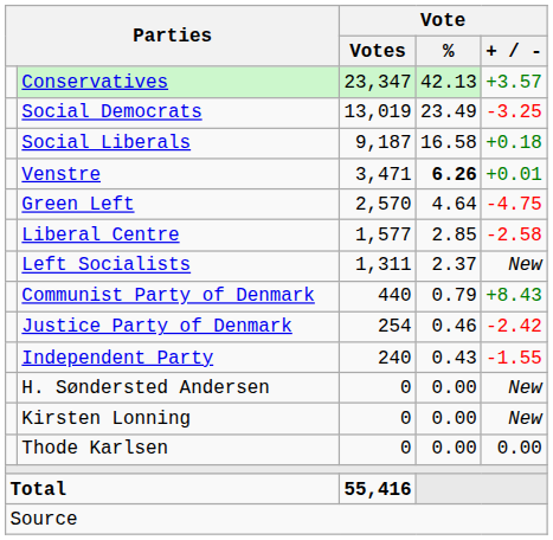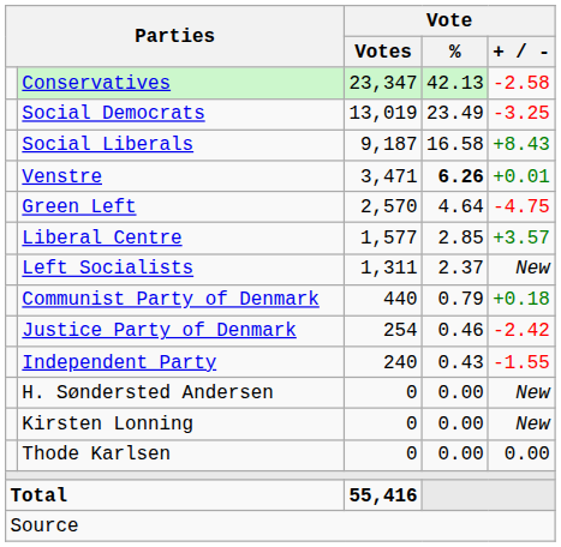 <table class="wikitable" style="text-align:right;">
 <tr>
 <th style="text-align:centre;" rowspan="2" colspan="2" width="225">Parties</th>
 <th colspan="3">Vote</th>
 </tr>
 <tr>
 <th width="15">Votes</th>
 <th width="15">%</th>
 <th width="15">+ / -</th>
 </tr>
 <tr>
 <td width="2" style="color:inherit;background:"></td>
 <td bgcolor=#ccf7cc  align="left"><a href='#'>Conservatives</a></td>
 <td bgcolor=#ccf7cc>23,347</td>
 <td bgcolor=#ccf7cc>42.13</td>
-<td style=color:green;>+3.57</td>
+<td style=color:red;>-2.58</td>
 </tr>
 <tr>
 <td width="2" style="color:inherit;background:"></td>
 <td align="left"><a href='#'>Social Democrats</a></td>
 <td>13,019</td>
 <td>23.49</td>
 <td style=color:red;>-3.25</td>
 </tr>
 <tr>
 <td width="2" style="color:inherit;background:"></td>
 <td align="left"><a href='#'>Social Liberals</a></td>
 <td>9,187</td>
 <td>16.58</td>
-<td style=color:green;>+0.18</td>
+<td style=color:green;>+8.43</td>
 </tr>
 <tr>
 <td width="2" style="color:inherit;background:"></td>
 <td align="left"><a href='#'>Venstre</a></td>
 <td>3,471</td>
 <td><strong>6.26</strong></td>
 <td style=color:green;>+0.01</td>
 </tr>
 <tr>
 <td width="2" style="color:inherit;background:"></td>
 <td align="left"><a href='#'>Green Left</a></td>
 <td>2,570</td>
 <td>4.64</td>
 <td style=color:red;>-4.75</td>
 </tr>
 <tr>
 <td width="2" style="color:inherit;background:"></td>
 <td align="left"><a href='#'>Liberal Centre</a></td>
 <td>1,577</td>
 <td>2.85</td>
-<td style=color:red;>-2.58</td>
+<td style=color:green;>+3.57</td>
 </tr>
 <tr>
 <td width="2" style="color:inherit;background:"></td>
 <td align="left"><a href='#'>Left Socialists</a></td>
 <td>1,311</td>
 <td>2.37</td>
 <td><em>New</em></td>
 </tr>
 <tr>
 <td width="2" style="color:inherit;background:"></td>
 <td align="left"><a href='#'>Communist Party of Denmark</a></td>
 <td>440</td>
 <td>0.79</td>
-<td style=color:green;>+8.43</td>
+<td style=color:green;>+0.18</td>
 </tr>
 <tr>
 <td width="2" style="color:inherit;background:"></td>
 <td align="left"><a href='#'>Justice Party of Denmark</a></td>
 <td>254</td>
 <td>0.46</td>
 <td style=color:red;>-2.42</td>
 </tr>
 <tr>
 <td width="2" style="color:inherit;background:"></td>
 <td align="left"><a href='#'>Independent Party</a></td>
 <td>240</td>
 <td>0.43</td>
 <td style=color:red;>-1.55</td>
 </tr>
 <tr>
 <td width="2" style="color:inherit;background:"></td>
 <td align="left">H. Søndersted Andersen</td>
 <td>0</td>
 <td>0.00</td>
 <td><em>New</em></td>
 </tr>
 <tr>
 <td width="2" style="color:inherit;background:"></td>
 <td align="left">Kirsten Lonning</td>
 <td>0</td>
 <td>0.00</td>
 <td><em>New</em></td>
 </tr>
 <tr>
 <td width="2" style="color:inherit;background:"></td>
 <td align="left">Thode Karlsen</td>
 <td>0</td>
 <td>0.00</td>
 <td>0.00</td>
 </tr>
 <tr>
 <td colspan="7" bgcolor="#E9E9E9"></td>
 </tr>
 <tr>
 <td align="left" colspan="2"><strong>Total</strong></td>
 <td><strong>55,416</strong></td>
 <td bgcolor="#E9E9E9" colspan="2"></td>
 </tr>
 <tr>
 <td align="left" colspan="6">Source</td>
 </tr>
 </table>
